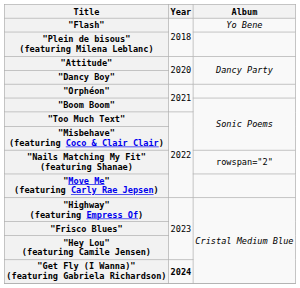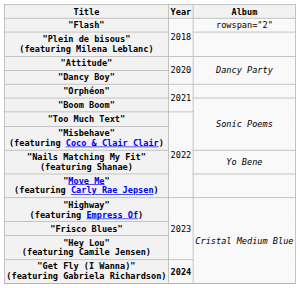 <table class="wikitable plainrowheaders" style="text-align:center;">
 <tr>
 <th scope="col">Title</th>
 <th scope="col">Year</th>
 <th scope="col">Album</th>
 </tr>
 <tr>
 <th scope="row">"Flash"</th>
 <td rowspan="2">2018</td>
-<td><em>Yo Bene</em></td>
+<td>rowspan="2" </td>
 </tr>
 <tr>
 <th scope="row">"Plein de bisous"  <br><span>(featuring Milena Leblanc)</span></th>
 <td></td>
 </tr>
 <tr>
 <th scope="row">"Attitude"</th>
 <td rowspan="2">2020</td>
 <td rowspan="2"><em>Dancy Party</em></td>
 </tr>
 <tr>
 <th scope="row">"Dancy Boy"</th>
 </tr>
 <tr>
 <th scope="row">"Orphéon"</th>
 <td rowspan="2">2021</td>
 <td></td>
 </tr>
 <tr>
 <th scope="row">"Boom Boom"</th>
 <td rowspan="3"><em>Sonic Poems</em></td>
 </tr>
 <tr>
 <th scope="row">"Too Much Text"</th>
 <td rowspan="4">2022</td>
 </tr>
 <tr>
 <th scope="row">"Misbehave" <br><span>(featuring <a href='#'>Coco & Clair Clair</a>)</span></th>
 </tr>
 <tr>
 <th scope="row">"Nails Matching My Fit" <br><span>(featuring Shanae)</span></th>
-<td>rowspan="2" </td>
+<td><em>Yo Bene</em></td>
 </tr>
 <tr>
 <th scope="row">"<a href='#'>Move Me</a>"  <br><span>(featuring <a href='#'>Carly Rae Jepsen</a>)</span></th>
 </tr>
 <tr>
 <th scope="row">"Highway" <br><span>(featuring <a href='#'>Empress Of</a>)</span></th>
 <td rowspan="3">2023</td>
 <td rowspan="4"><em>Cristal Medium Blue</em></td>
 </tr>
 <tr>
 <th scope="row">"Frisco Blues"</th>
 </tr>
 <tr>
 <th scope="row">"Hey Lou" <br><span>(featuring Camile Jensen)</span></th>
 </tr>
 <tr>
 <th scope="row">"Get Fly (I Wanna)" <br><span>(featuring Gabriela Richardson)</span></th>
 <td><strong>2024</strong></td>
 </tr>
 <tr>
 </tr>
 </table>
